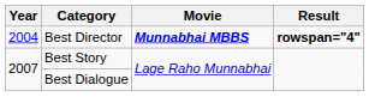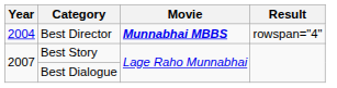 <table class="wikitable">
 <tr>
 <th>Year</th>
 <th>Category</th>
 <th>Movie</th>
 <th>Result</th>
 </tr>
 <tr>
 <td><a href='#'>2004</a></td>
 <td rowspan="2">Best Director</td>
 <td><strong><em><a href='#'>Munnabhai MBBS</a></em></strong></td>
-<td><strong>rowspan="4"</strong></td>
+<td>rowspan="4"</td>
 </tr>
 <tr>
 <td rowspan="3">2007</td>
 <td rowspan="3"><em><a href='#'>Lage Raho Munnabhai</a></em></td>
 </tr>
 <tr>
 <td>Best Story</td>
 </tr>
 <tr>
 <td>Best Dialogue</td>
 </tr>
 </table>
